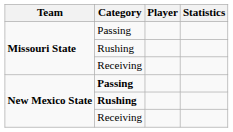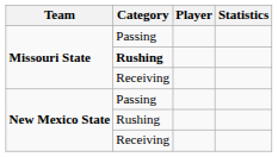 <table class="wikitable" style="float: right;">
 <tr>
 <th>Team</th>
 <th>Category</th>
 <th>Player</th>
 <th>Statistics</th>
 </tr>
 <tr>
 <td rowspan=3><strong>Missouri State</strong></td>
 <td>Passing</td>
 <td></td>
 <td></td>
 </tr>
 <tr>
-<td>Rushing</td>
+<td><strong>Rushing</strong></td>
 <td></td>
 <td></td>
 </tr>
 <tr>
 <td>Receiving</td>
 <td></td>
 <td></td>
 </tr>
 <tr>
 <td rowspan=3><strong>New Mexico State</strong></td>
-<td><strong>Passing</strong></td>
+<td>Passing</td>
 <td></td>
 <td></td>
 </tr>
 <tr>
-<td><strong>Rushing</strong></td>
+<td>Rushing</td>
 <td></td>
 <td></td>
 </tr>
 <tr>
 <td>Receiving</td>
 <td></td>
 <td></td>
 </tr>
 </table>
